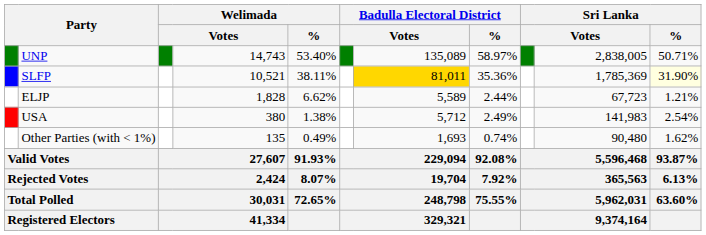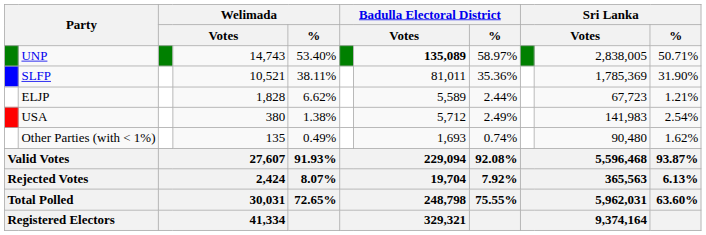 <table class="wikitable">
 <tr>
 <th colspan="2" width="144px"rowspan="2">Party</th>
 <th colspan="3" width="216px">Welimada</th>
 <th colspan="3" width="216px"><a href='#'>Badulla Electoral District</a></th>
 <th colspan="3" width="216px">Sri Lanka</th>
 </tr>
 <tr>
 <th colspan="2" width="144px">Votes</th>
 <th>%</th>
 <th colspan="2" width="144px">Votes</th>
 <th>%</th>
 <th colspan="2" width="144px">Votes</th>
 <th>%</th>
 </tr>
 <tr>
 <td style="background-color:green;" width="10px"></td>
 <td style="text-align:left;"><a href='#'>UNP</a></td>
 <td style="background-color:green;" width="10px"></td>
 <td style="text-align:right;">14,743</td>
 <td style="text-align:right;">53.40%</td>
 <td style="background-color:green;" width="10px"></td>
-<td style="text-align:right;">135,089</td>
+<td style="text-align:right;"><strong>135,089</strong></td>
 <td style="text-align:right;">58.97%</td>
 <td style="background-color:green;" width="10px"></td>
 <td style="text-align:right;">2,838,005</td>
 <td style="text-align:right;">50.71%</td>
 </tr>
 <tr>
 <td style="background-color:blue;" width="10px"></td>
 <td style="text-align:left;"><a href='#'>SLFP</a></td>
 <td style="background-color:white;" width="10px"></td>
 <td style="text-align:right;">10,521</td>
 <td style="text-align:right;">38.11%</td>
 <td style="background-color:white;" width="10px"></td>
-<td style="background: gold; text-align:right;">81,011</td>
+<td style="text-align:right;">81,011</td>
 <td style="text-align:right;">35.36%</td>
 <td style="background-color:white;" width="10px"></td>
 <td style="text-align:right;">1,785,369</td>
-<td style="background: lightyellow; text-align:right;">31.90%</td>
+<td style="text-align:right;">31.90%</td>
 </tr>
 <tr>
 <td style="background-color:white;" width="10px"></td>
 <td style="text-align:left;">ELJP</td>
 <td style="background-color:white;" width="10px"></td>
 <td style="text-align:right;">1,828</td>
 <td style="text-align:right;">6.62%</td>
 <td style="background-color:white;" width="10px"></td>
 <td style="text-align:right;">5,589</td>
 <td style="text-align:right;">2.44%</td>
 <td style="background-color:white;" width="10px"></td>
 <td style="text-align:right;">67,723</td>
 <td style="text-align:right;">1.21%</td>
 </tr>
 <tr>
 <td style="background-color:red;" width="10px"></td>
 <td style="text-align:left;">USA</td>
 <td style="background-color:white;" width="10px"></td>
 <td style="text-align:right;">380</td>
 <td style="text-align:right;">1.38%</td>
 <td style="background-color:white;" width="10px"></td>
 <td style="text-align:right;">5,712</td>
 <td style="text-align:right;">2.49%</td>
 <td style="background-color:white;" width="10px"></td>
 <td style="text-align:right;">141,983</td>
 <td style="text-align:right;">2.54%</td>
 </tr>
 <tr>
 <td style="background-color:white;" width="10px"></td>
 <td style="text-align:left;">Other Parties (with < 1%)</td>
 <td style="background-color:white;" width="10px"></td>
 <td style="text-align:right;">135</td>
 <td style="text-align:right;">0.49%</td>
 <td style="background-color:white;" width="10px"></td>
 <td style="text-align:right;">1,693</td>
 <td style="text-align:right;">0.74%</td>
 <td style="background-color:white;" width="10px"></td>
 <td style="text-align:right;">90,480</td>
 <td style="text-align:right;">1.62%</td>
 </tr>
 <tr>
 <th colspan="2" width="144px"style="text-align:left;">Valid Votes</th>
 <th style="text-align:right;"colspan="2" width="144px">27,607</th>
 <th style="text-align:right;">91.93%</th>
 <th style="text-align:right;"colspan="2" width="144px">229,094</th>
 <th style="text-align:right;">92.08%</th>
 <th style="text-align:right;"colspan="2" width="144px">5,596,468</th>
 <th style="text-align:right;">93.87%</th>
 </tr>
 <tr>
 <th colspan="2" width="144px"style="text-align:left;">Rejected Votes</th>
 <th style="text-align:right;"colspan="2" width="144px">2,424</th>
 <th style="text-align:right;">8.07%</th>
 <th style="text-align:right;"colspan="2" width="144px">19,704</th>
 <th style="text-align:right;">7.92%</th>
 <th style="text-align:right;"colspan="2" width="144px">365,563</th>
 <th style="text-align:right;">6.13%</th>
 </tr>
 <tr>
 <th colspan="2" width="144px"style="text-align:left;">Total Polled</th>
 <th style="text-align:right;"colspan="2" width="144px">30,031</th>
 <th style="text-align:right;">72.65%</th>
 <th style="text-align:right;"colspan="2" width="144px">248,798</th>
 <th style="text-align:right;">75.55%</th>
 <th style="text-align:right;"colspan="2" width="144px">5,962,031</th>
 <th style="text-align:right;">63.60%</th>
 </tr>
 <tr>
 <th colspan="2" width="144px"style="text-align:left;">Registered Electors</th>
 <th style="text-align:right;"colspan="2" width="144px">41,334</th>
 <th></th>
 <th style="text-align:right;"colspan="2" width="144px">329,321</th>
 <th></th>
 <th style="text-align:right;"colspan="2" width="144px">9,374,164</th>
 <th></th>
 </tr>
 </table>
